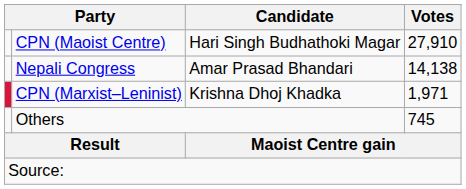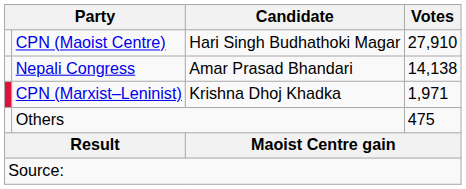 <table class="wikitable">
 <tr>
 <th colspan="2">Party</th>
 <th>Candidate</th>
 <th>Votes</th>
 </tr>
 <tr>
 <td style="background-color:"></td>
 <td><a href='#'>CPN (Maoist Centre)</a></td>
 <td>Hari Singh Budhathoki Magar</td>
 <td>27,910</td>
 </tr>
 <tr>
 <td style="background-color:"></td>
 <td><a href='#'>Nepali Congress</a></td>
 <td>Amar Prasad Bhandari</td>
 <td>14,138</td>
 </tr>
 <tr>
 <td style="background-color:crimson"></td>
 <td><a href='#'>CPN (Marxist–Leninist)</a></td>
 <td>Krishna Dhoj Khadka</td>
 <td>1,971</td>
 </tr>
 <tr>
 <td></td>
 <td colspan="2">Others</td>
-<td>745</td>
+<td>475</td>
 </tr>
 <tr>
 <th colspan="2">Result</th>
 <th colspan="2">Maoist Centre gain</th>
 </tr>
 <tr>
 <td colspan="4">Source: </td>
 </tr>
 </table>
